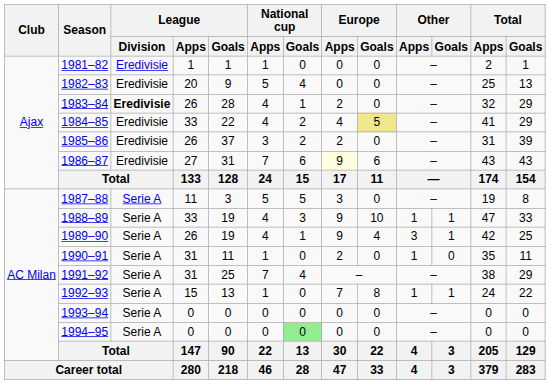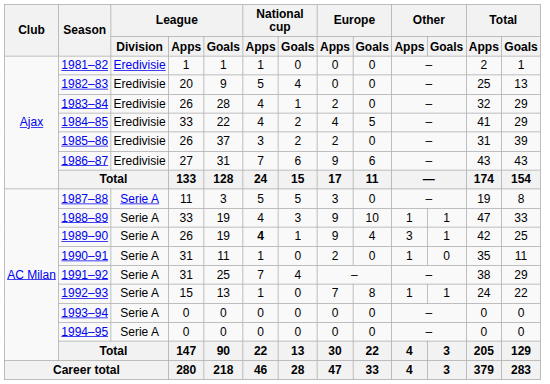 <table class="wikitable" style="text-align:center">
 <tr>
 <th rowspan="2">Club</th>
 <th rowspan="2">Season</th>
 <th colspan="3">League</th>
 <th colspan="2">National cup</th>
 <th colspan="2">Europe</th>
 <th colspan="2">Other</th>
 <th colspan="2">Total</th>
 </tr>
 <tr>
 <th width="40">Division</th>
 <th width="40">Apps</th>
 <th width="40">Goals</th>
 <th width="40">Apps</th>
 <th width="40">Goals</th>
 <th width="40">Apps</th>
 <th width="40">Goals</th>
 <th width="40">Apps</th>
 <th width="40">Goals</th>
 <th width="40">Apps</th>
 <th width="40">Goals</th>
 </tr>
 <tr>
 <td rowspan="7"><a href='#'>Ajax</a></td>
 <td><a href='#'>1981–82</a></td>
 <td><a href='#'>Eredivisie</a></td>
 <td>1</td>
 <td>1</td>
 <td>1</td>
 <td>0</td>
 <td>0</td>
 <td>0</td>
 <td colspan="2">–</td>
 <td>2</td>
 <td>1</td>
 </tr>
 <tr>
 <td><a href='#'>1982–83</a></td>
 <td>Eredivisie</td>
 <td>20</td>
 <td>9</td>
 <td>5</td>
 <td>4</td>
 <td>0</td>
 <td>0</td>
 <td colspan="2">–</td>
 <td>25</td>
 <td>13</td>
 </tr>
 <tr>
 <td><a href='#'>1983–84</a></td>
-<td><strong>Eredivisie</strong></td>
+<td>Eredivisie</td>
 <td>26</td>
 <td>28</td>
 <td>4</td>
 <td>1</td>
 <td>2</td>
 <td>0</td>
 <td colspan="2">–</td>
 <td>32</td>
 <td>29</td>
 </tr>
 <tr>
 <td><a href='#'>1984–85</a></td>
 <td>Eredivisie</td>
 <td>33</td>
 <td>22</td>
 <td>4</td>
 <td>2</td>
 <td>4</td>
-<td style="background: khaki;">5</td>
+<td>5</td>
 <td colspan="2">–</td>
 <td>41</td>
 <td>29</td>
 </tr>
 <tr>
 <td><a href='#'>1985–86</a></td>
 <td>Eredivisie</td>
 <td>26</td>
 <td>37</td>
 <td>3</td>
 <td>2</td>
 <td>2</td>
 <td>0</td>
 <td colspan="2">–</td>
 <td>31</td>
 <td>39</td>
 </tr>
 <tr>
 <td><a href='#'>1986–87</a></td>
 <td>Eredivisie</td>
 <td>27</td>
 <td>31</td>
 <td>7</td>
 <td>6</td>
-<td style="background: lightyellow;">9</td>
+<td>9</td>
 <td>6</td>
 <td colspan="2">–</td>
 <td>43</td>
 <td>43</td>
 </tr>
 <tr>
 <th colspan="2">Total</th>
 <th>133</th>
 <th>128</th>
 <th>24</th>
 <th>15</th>
 <th>17</th>
 <th>11</th>
 <th colspan="2">—</th>
 <th>174</th>
 <th>154</th>
 </tr>
 <tr>
 <td rowspan="9"><a href='#'>AC Milan</a></td>
 <td><a href='#'>1987–88</a></td>
 <td><a href='#'>Serie A</a></td>
 <td>11</td>
 <td>3</td>
 <td>5</td>
 <td>5</td>
 <td>3</td>
 <td>0</td>
 <td colspan="2">–</td>
 <td>19</td>
 <td>8</td>
 </tr>
 <tr>
 <td><a href='#'>1988–89</a></td>
 <td>Serie A</td>
 <td>33</td>
 <td>19</td>
 <td>4</td>
 <td>3</td>
 <td>9</td>
 <td>10</td>
 <td>1</td>
 <td>1</td>
 <td>47</td>
 <td>33</td>
 </tr>
 <tr>
 <td><a href='#'>1989–90</a></td>
 <td>Serie A</td>
 <td>26</td>
 <td>19</td>
-<td>4</td>
+<td><strong>4</strong></td>
 <td>1</td>
 <td>9</td>
 <td>4</td>
 <td>3</td>
 <td>1</td>
 <td>42</td>
 <td>25</td>
 </tr>
 <tr>
 <td><a href='#'>1990–91</a></td>
 <td>Serie A</td>
 <td>31</td>
 <td>11</td>
 <td>1</td>
 <td>0</td>
 <td>2</td>
 <td>0</td>
 <td>1</td>
 <td>0</td>
 <td>35</td>
 <td>11</td>
 </tr>
 <tr>
 <td><a href='#'>1991–92</a></td>
 <td>Serie A</td>
 <td>31</td>
 <td>25</td>
 <td>7</td>
 <td>4</td>
 <td colspan="2">–</td>
 <td colspan="2">–</td>
 <td>38</td>
 <td>29</td>
 </tr>
 <tr>
 <td><a href='#'>1992–93</a></td>
 <td>Serie A</td>
 <td>15</td>
 <td>13</td>
 <td>1</td>
 <td>0</td>
 <td>7</td>
 <td>8</td>
 <td>1</td>
 <td>1</td>
 <td>24</td>
 <td>22</td>
 </tr>
 <tr>
 <td><a href='#'>1993–94</a></td>
 <td>Serie A</td>
 <td>0</td>
 <td>0</td>
 <td>0</td>
 <td>0</td>
 <td>0</td>
 <td>0</td>
 <td colspan="2">–</td>
 <td>0</td>
 <td>0</td>
 </tr>
 <tr>
 <td><a href='#'>1994–95</a></td>
 <td>Serie A</td>
 <td>0</td>
 <td>0</td>
 <td>0</td>
-<td style="background: lightgreen;">0</td>
+<td>0</td>
 <td>0</td>
 <td>0</td>
 <td colspan="2">–</td>
 <td>0</td>
 <td>0</td>
 </tr>
 <tr>
 <th colspan="2">Total</th>
 <th>147</th>
 <th>90</th>
 <th>22</th>
 <th>13</th>
 <th>30</th>
 <th>22</th>
 <th>4</th>
 <th>3</th>
 <th>205</th>
 <th>129</th>
 </tr>
 <tr>
 <th colspan="3">Career total</th>
 <th>280</th>
 <th>218</th>
 <th>46</th>
 <th>28</th>
 <th>47</th>
 <th>33</th>
 <th>4</th>
 <th>3</th>
 <th>379</th>
 <th>283</th>
 </tr>
 </table>
